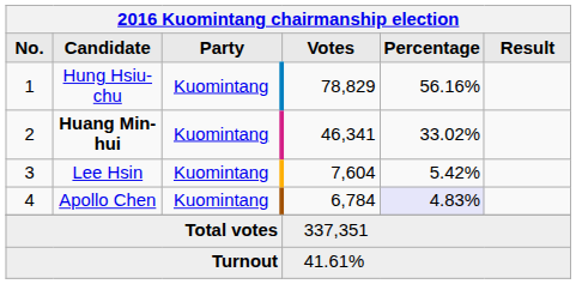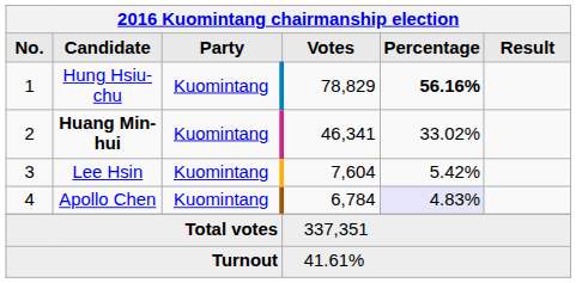 <table class="wikitable sortable" style="margin:1em auto; text-align:center">
 <tr>
 <th colspan="7" width=500px><a href='#'>2016 Kuomintang chairmanship election</a></th>
 </tr>
 <tr>
 <th style="background-color:#E9E9E9;text-align:center;" width="35">No.</th>
 <th style="background-color:#E9E9E9;text-align:center;" width="90">Candidate</th>
 <th style="background-color:#E9E9E9;text-align:center;" width="100">Party</th>
 <th style="background-color:#E9E9E9;text-align:center;" width="80">Votes</th>
 <th style="background-color:#E9E9E9;text-align:center;" width="70">Percentage</th>
 <th style="background-color:#E9E9E9;text-align:center;" width="70">Result</th>
 </tr>
 <tr>
 <td>1</td>
 <td style="text-align:center;"><a href='#'>Hung Hsiu-chu</a></td>
 <td><a href='#'>Kuomintang</a></td>
 <td style="border-left:4px solid #0080C0;" align="right">78,829</td>
-<td align="right">56.16%</td>
+<td align="right"><strong>56.16%</strong></td>
 <td align="center"></td>
 </tr>
 <tr>
 <td>2</td>
 <td style="text-align:center;"><strong>Huang Min-hui</strong></td>
 <td><a href='#'>Kuomintang</a></td>
 <td style="border-left:4px solid #D42187;" align="right">46,341</td>
 <td align="right">33.02%</td>
 <td align="center"></td>
 </tr>
 <tr>
 <td>3</td>
 <td style="text-align:center;"><a href='#'>Lee Hsin</a></td>
 <td><a href='#'>Kuomintang</a></td>
 <td style="border-left:4px solid #FEB008;" align="right">7,604</td>
 <td align="right">5.42%</td>
 <td align="center"></td>
 </tr>
 <tr>
 <td>4</td>
 <td style="text-align:center;"><a href='#'>Apollo Chen</a></td>
 <td><a href='#'>Kuomintang</a></td>
 <td style="border-left:4px solid #A25306;" align="right">6,784</td>
 <td align="right" style="background: lavender;">4.83%</td>
 <td align="center"></td>
 </tr>
 <tr>
 </tr>
 <tr>
 </tr>
 <tr bgcolor=EEEEEE class="sortbottom">
 <td colspan="3" style="text-align: right"><strong>Total votes</strong></td>
 <td colspan="3" align="left">　337,351</td>
 </tr>
 <tr bgcolor=EEEEEE class="sortbottom">
 <td colspan="3" style="text-align: right"><strong>Turnout</strong></td>
 <td colspan="3" align="left">　41.61%</td>
 </tr>
 </table>
